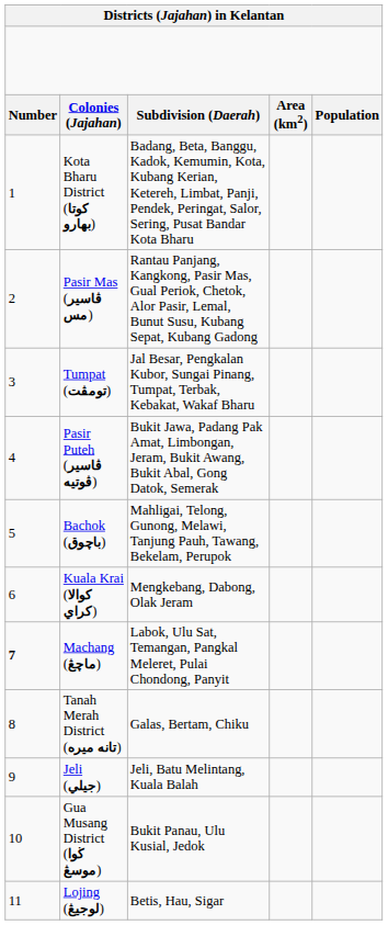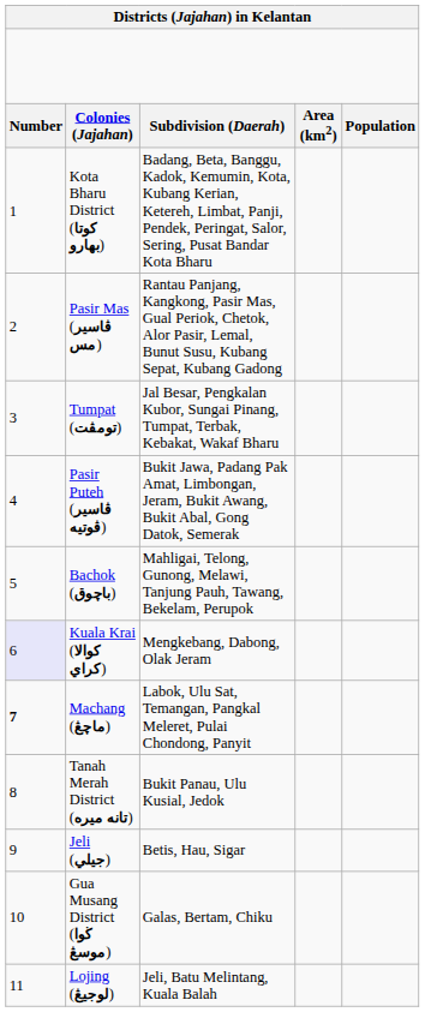 <table class="wikitable" style="margin:1em auto 1em auto; width:50%; text-align:left">
 <tr>
 <th colspan=5><strong>Districts</strong> (<strong><em>Jajahan</em></strong>) in Kelantan</th>
 </tr>
 <tr>
 <td colspan=5><br>            <br> <br>    <br>  </td>
 </tr>
 <tr>
 <th>Number</th>
 <th><a href='#'>Colonies</a> (<em>Jajahan</em>)</th>
 <th>Subdivision (<em>Daerah</em>)</th>
 <th>Area (km<sup>2</sup>)</th>
 <th>Population<br></th>
 </tr>
 <tr>
 <td>1</td>
 <td> Kota Bharu District<br>(<strong>کوتا بهارو</strong>)</td>
 <td>Badang, Beta, Banggu, Kadok, Kemumin, Kota, Kubang Kerian, Ketereh, Limbat, Panji, Pendek, Peringat, Salor, Sering, Pusat Bandar Kota Bharu</td>
 <td align="right"></td>
 <td align="right"></td>
 </tr>
 <tr>
 <td>2</td>
 <td> <a href='#'>Pasir Mas</a><br>(<strong>ڤاسير مس</strong>)</td>
 <td>Rantau Panjang, Kangkong, Pasir Mas, Gual Periok, Chetok, Alor Pasir, Lemal, Bunut Susu, Kubang Sepat, Kubang Gadong</td>
 <td align="right"></td>
 <td align="right"></td>
 </tr>
 <tr>
 <td>3</td>
 <td> <a href='#'>Tumpat</a><br>(<strong>تومڤت</strong>)</td>
 <td>Jal Besar, Pengkalan Kubor, Sungai Pinang, Tumpat, Terbak, Kebakat, Wakaf Bharu</td>
 <td align="right"></td>
 <td align="right"></td>
 </tr>
 <tr>
 <td>4</td>
 <td> <a href='#'>Pasir Puteh</a><br>(<strong>ڤاسير ڤوتيه</strong>)</td>
 <td>Bukit Jawa, Padang Pak Amat, Limbongan, Jeram, Bukit Awang, Bukit Abal, Gong Datok, Semerak</td>
 <td align="right"></td>
 <td align="right"></td>
 </tr>
 <tr>
 <td>5</td>
 <td> <a href='#'>Bachok</a><br>(<strong>باچوق</strong>)</td>
 <td>Mahligai, Telong, Gunong, Melawi, Tanjung Pauh, Tawang, Bekelam, Perupok</td>
 <td align="right"></td>
 <td align="right"></td>
 </tr>
 <tr>
-<td>6</td>
+<td style="background: lavender;">6</td>
 <td> <a href='#'>Kuala Krai</a><br>(<strong>کوالا کراي</strong>)</td>
 <td>Mengkebang, Dabong, Olak Jeram</td>
 <td align="right"></td>
 <td align="right"></td>
 </tr>
 <tr>
 <td><strong>7</strong></td>
 <td> <a href='#'>Machang</a><br>(<strong>ماچڠ</strong>)</td>
 <td>Labok, Ulu Sat, Temangan, Pangkal Meleret, Pulai Chondong, Panyit</td>
 <td align="right"></td>
 <td align="right"></td>
 </tr>
 <tr>
 <td>8</td>
 <td> Tanah Merah District<br>(<strong>تانه ميره</strong>)</td>
-<td>Galas, Bertam, Chiku</td>
+<td>Bukit Panau, Ulu Kusial, Jedok</td>
 <td align="right"></td>
 <td align="right"></td>
 </tr>
 <tr>
 <td>9</td>
 <td> <a href='#'>Jeli</a><br>(<strong>جيلي</strong>)</td>
-<td>Jeli, Batu Melintang, Kuala Balah</td>
+<td>Betis, Hau, Sigar</td>
 <td align="right"></td>
 <td align="right"></td>
 </tr>
 <tr>
 <td>10</td>
 <td> Gua Musang District<br>(<strong>ڬوا موسڠ</strong>)</td>
-<td>Bukit Panau, Ulu Kusial, Jedok</td>
+<td>Galas, Bertam, Chiku</td>
 <td align="right"></td>
 <td align="right"></td>
 </tr>
 <tr>
 <td>11</td>
 <td><a href='#'>Lojing</a><br>(<strong>لوجيڠ</strong>)</td>
-<td>Betis, Hau, Sigar</td>
+<td>Jeli, Batu Melintang, Kuala Balah</td>
 <td align="right"></td>
 <td align="right"></td>
 </tr>
 </table>
